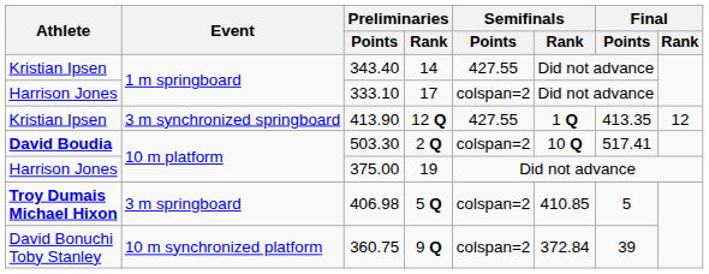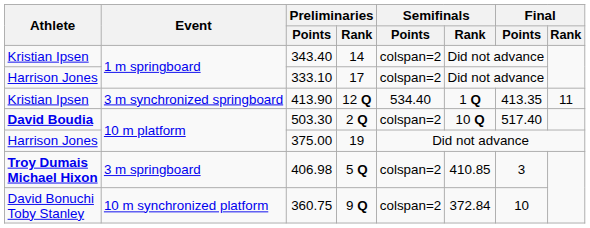 <table class=wikitable style="font-size:90%;">
 <tr>
 <th rowspan="2">Athlete</th>
 <th rowspan="2">Event</th>
 <th colspan="2">Preliminaries</th>
 <th colspan="2">Semifinals</th>
 <th colspan="2">Final</th>
 </tr>
 <tr style="font-size:95%">
 <th>Points</th>
 <th>Rank</th>
 <th>Points</th>
 <th>Rank</th>
 <th>Points</th>
 <th>Rank</th>
 </tr>
 <tr align=center>
 <td align=left><a href='#'>Kristian Ipsen</a></td>
 <td align=left rowspan=2><a href='#'>1 m springboard</a></td>
 <td>343.40</td>
 <td>14</td>
-<td>427.55</td>
+<td>colspan=2 </td>
 <td colspan=2>Did not advance</td>
 </tr>
 <tr align=center>
 <td align=left><a href='#'>Harrison Jones</a></td>
 <td>333.10</td>
 <td>17</td>
 <td>colspan=2 </td>
 <td colspan=2>Did not advance</td>
 </tr>
 <tr align=center>
 <td align=left><a href='#'>Kristian Ipsen</a></td>
 <td align=left><a href='#'>3 m synchronized springboard</a></td>
 <td>413.90</td>
 <td>12 <strong>Q</strong></td>
-<td>427.55</td>
+<td>534.40</td>
 <td>1 <strong>Q</strong></td>
 <td>413.35</td>
-<td>12</td>
+<td>11</td>
 </tr>
 <tr align=center>
 <td align=left><strong><a href='#'>David Boudia</a></strong></td>
 <td align=left rowspan=2><a href='#'>10 m platform</a></td>
 <td>503.30</td>
 <td>2 <strong>Q</strong></td>
 <td>colspan=2 </td>
 <td>10 <strong>Q</strong></td>
-<td>517.41</td>
+<td>517.40</td>
 <td></td>
 </tr>
 <tr align=center>
 <td align=left><a href='#'>Harrison Jones</a></td>
 <td>375.00</td>
 <td>19</td>
 <td colspan=4>Did not advance</td>
 </tr>
 <tr align=center>
 <td align=left><strong><a href='#'>Troy Dumais</a><br><a href='#'>Michael Hixon</a></strong></td>
 <td align=left><a href='#'>3 m springboard</a></td>
 <td>406.98</td>
 <td>5 <strong>Q</strong></td>
 <td>colspan=2 </td>
 <td>410.85</td>
-<td>5</td>
+<td>3</td>
 </tr>
 <tr align=center>
 <td align=left><a href='#'>David Bonuchi</a><br><a href='#'>Toby Stanley</a></td>
 <td align=left><a href='#'>10 m synchronized platform</a></td>
 <td>360.75</td>
 <td>9 <strong>Q</strong></td>
 <td>colspan=2 </td>
 <td>372.84</td>
-<td>39</td>
+<td>10</td>
 </tr>
 </table>
